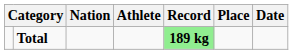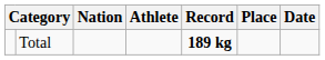 <table class="wikitable" style="text-align:center;">
 <tr>
 <th colspan="2">Category</th>
 <th>Nation</th>
 <th>Athlete</th>
 <th>Record</th>
 <th>Place</th>
 <th>Date</th>
 </tr>
 <tr>
 <td rowspan="3"><strong></strong></td>
-<td align="left"><strong>Total</strong></td>
+<td align="left">Total</td>
 <td align="left"></td>
 <td align="left"></td>
-<td style="background: lightgreen;"><strong>189 kg</strong></td>
+<td><strong>189 kg</strong></td>
 <td align="left"></td>
 <td align="left"></td>
 </tr>
 </table>
